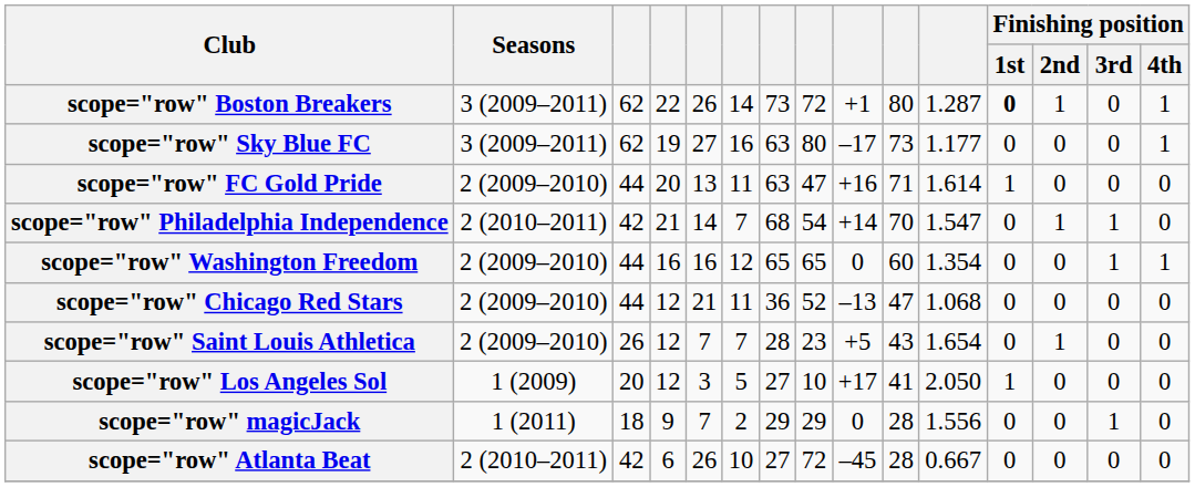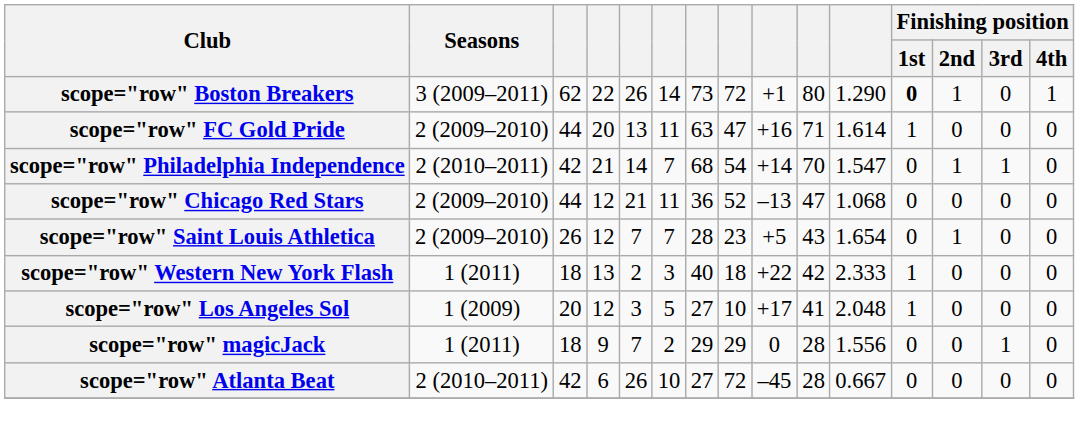 <table class="wikitable sortable" style="text-align:center;">
 <tr>
 <th rowspan=2 scope="col">Club</th>
 <th rowspan=2 scope="col">Seasons</th>
 <th rowspan=2 scope="col"></th>
 <th rowspan=2 scope="col"></th>
 <th rowspan=2 scope="col"></th>
 <th rowspan=2 scope="col"></th>
 <th rowspan=2 scope="col"></th>
 <th rowspan=2 scope="col"></th>
 <th rowspan=2 scope="col"></th>
 <th rowspan=2 scope="col"></th>
 <th rowspan=2 scope="col"></th>
 <th colspan=4 scope="colgroup">Finishing position</th>
 </tr>
 <tr>
 <th scope="col">1st</th>
 <th scope="col">2nd</th>
 <th scope="col">3rd</th>
 <th scope="col">4th</th>
 </tr>
 <tr>
 <th>scope="row" <a href='#'>Boston Breakers</a></th>
 <td>3 (2009–2011)</td>
 <td>62</td>
 <td>22</td>
 <td>26</td>
 <td>14</td>
 <td>73</td>
 <td>72</td>
 <td>+1</td>
 <td>80</td>
-<td>1.287</td>
+<td>1.290</td>
 <td><strong>0</strong></td>
 <td>1</td>
-<td>0</td>
-<td>1</td>
-</tr>
-<tr>
-<th>scope="row" <a href='#'>Sky Blue FC</a></th>
-<td>3 (2009–2011)</td>
-<td>62</td>
-<td>19</td>
-<td>27</td>
-<td>16</td>
-<td>63</td>
-<td>80</td>
-<td>–17</td>
-<td>73</td>
-<td>1.177</td>
-<td>0</td>
-<td>0</td>
 <td>0</td>
 <td>1</td>
 </tr>
 <tr>
 <th>scope="row" <a href='#'>FC Gold Pride</a></th>
 <td>2 (2009–2010)</td>
 <td>44</td>
 <td>20</td>
 <td>13</td>
 <td>11</td>
 <td>63</td>
 <td>47</td>
 <td>+16</td>
 <td>71</td>
 <td>1.614</td>
 <td>1</td>
 <td>0</td>
 <td>0</td>
 <td>0</td>
 </tr>
 <tr>
 <th>scope="row" <a href='#'>Philadelphia Independence</a></th>
 <td>2 (2010–2011)</td>
 <td>42</td>
 <td>21</td>
 <td>14</td>
 <td>7</td>
 <td>68</td>
 <td>54</td>
 <td>+14</td>
 <td>70</td>
 <td>1.547</td>
 <td>0</td>
 <td>1</td>
 <td>1</td>
 <td>0</td>
 </tr>
 <tr>
-<th>scope="row" <a href='#'>Washington Freedom</a></th>
-<td>2 (2009–2010)</td>
-<td>44</td>
-<td>16</td>
-<td>16</td>
-<td>12</td>
-<td>65</td>
-<td>65</td>
-<td>0</td>
-<td>60</td>
-<td>1.354</td>
-<td>0</td>
-<td>0</td>
-<td>1</td>
-<td>1</td>
-</tr>
-<tr>
 <th>scope="row" <a href='#'>Chicago Red Stars</a></th>
 <td>2 (2009–2010)</td>
 <td>44</td>
 <td>12</td>
 <td>21</td>
 <td>11</td>
 <td>36</td>
 <td>52</td>
 <td>–13</td>
 <td>47</td>
 <td>1.068</td>
 <td>0</td>
 <td>0</td>
 <td>0</td>
 <td>0</td>
 </tr>
 <tr>
 <th>scope="row" <a href='#'>Saint Louis Athletica</a></th>
 <td>2 (2009–2010)</td>
 <td>26</td>
 <td>12</td>
 <td>7</td>
 <td>7</td>
 <td>28</td>
 <td>23</td>
 <td>+5</td>
 <td>43</td>
 <td>1.654</td>
 <td>0</td>
 <td>1</td>
 <td>0</td>
 <td>0</td>
 </tr>
 <tr>
+<th>scope="row" <a href='#'>Western New York Flash</a></th>
+<td>1 (2011)</td>
+<td>18</td>
+<td>13</td>
+<td>2</td>
+<td>3</td>
+<td>40</td>
+<td>18</td>
+<td>+22</td>
+<td>42</td>
+<td>2.333</td>
+<td>1</td>
+<td>0</td>
+<td>0</td>
+<td>0</td>
+</tr>
+<tr>
 <th>scope="row" <a href='#'>Los Angeles Sol</a></th>
 <td>1 (2009)</td>
 <td>20</td>
 <td>12</td>
 <td>3</td>
 <td>5</td>
 <td>27</td>
 <td>10</td>
 <td>+17</td>
 <td>41</td>
-<td>2.050</td>
+<td>2.048</td>
 <td>1</td>
 <td>0</td>
 <td>0</td>
 <td>0</td>
 </tr>
 <tr>
 <th>scope="row" <a href='#'>magicJack</a></th>
 <td>1 (2011)</td>
 <td>18</td>
 <td>9</td>
 <td>7</td>
 <td>2</td>
 <td>29</td>
 <td>29</td>
 <td>0</td>
 <td>28</td>
 <td>1.556</td>
 <td>0</td>
 <td>0</td>
 <td>1</td>
 <td>0</td>
 </tr>
 <tr>
 <th>scope="row" <a href='#'>Atlanta Beat</a></th>
 <td>2 (2010–2011)</td>
 <td>42</td>
 <td>6</td>
 <td>26</td>
 <td>10</td>
 <td>27</td>
 <td>72</td>
 <td>–45</td>
 <td>28</td>
 <td>0.667</td>
 <td>0</td>
 <td>0</td>
 <td>0</td>
 <td>0</td>
 </tr>
 <tr>
 </tr>
 </table>
